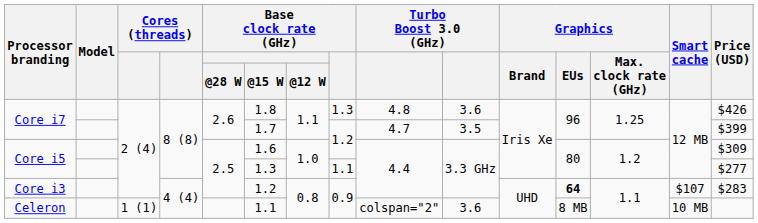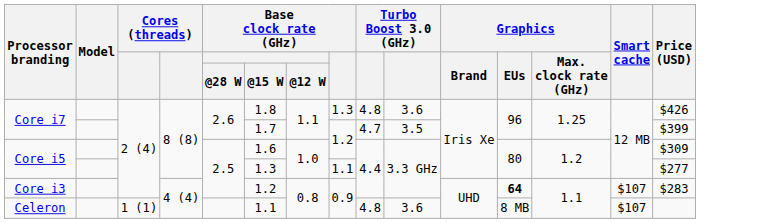 <table class="wikitable sortable" style="text-align:center;">
 <tr>
 <th rowspan="3">Processor <br>branding</th>
 <th rowspan="3">Model</th>
 <th colspan="2"><a href='#'>Cores</a> <br>(<a href='#'>threads</a>)</th>
 <th colspan="4">Base <br><a href='#'>clock rate</a> <br> (GHz)</th>
 <th colspan="2"><a href='#'>Turbo<br>Boost</a> 3.0 <br> (GHz)</th>
 <th colspan="3"><a href='#'>Graphics</a></th>
 <th rowspan="3"><a href='#'>Smart <br>cache</a></th>
 <th rowspan="3">Price <br>(USD)</th>
 </tr>
 <tr>
 <th rowspan="2"></th>
 <th rowspan="2"></th>
 <th colspan="3"></th>
 <th rowspan="2"></th>
 <th rowspan="2"></th>
 <th rowspan="2"></th>
 <th rowspan="2">Brand</th>
 <th rowspan="2">EUs</th>
 <th rowspan="2">Max. <br>clock rate <br> (GHz)</th>
 </tr>
 <tr>
 <th>@28 W</th>
 <th>@15 W</th>
 <th>@12 W</th>
 </tr>
 <tr>
 <td rowspan="2"><a href='#'>Core i7</a></td>
 <td></td>
 <td rowspan="5">2 (4)</td>
 <td rowspan="4">8 (8)</td>
 <td rowspan="2">2.6</td>
 <td>1.8</td>
 <td rowspan="2">1.1</td>
 <td>1.3</td>
 <td>4.8</td>
 <td>3.6</td>
 <td rowspan="4">Iris Xe</td>
 <td rowspan="2">96</td>
 <td rowspan="2">1.25</td>
 <td rowspan="4">12 MB</td>
 <td>$426</td>
 </tr>
 <tr>
 <td></td>
 <td>1.7</td>
 <td rowspan="2">1.2</td>
 <td>4.7</td>
 <td>3.5</td>
 <td>$399</td>
 </tr>
 <tr>
 <td rowspan="2"><a href='#'>Core i5</a></td>
 <td></td>
 <td rowspan="3">2.5</td>
 <td>1.6</td>
 <td rowspan="2">1.0</td>
 <td rowspan="3">4.4</td>
 <td rowspan="3">3.3 GHz</td>
 <td rowspan="2">80</td>
 <td rowspan="2">1.2</td>
 <td>$309</td>
 </tr>
 <tr>
 <td></td>
 <td>1.3</td>
 <td>1.1</td>
 <td>$277</td>
 </tr>
 <tr>
 <td><a href='#'>Core i3</a></td>
 <td></td>
 <td rowspan="2">4 (4)</td>
 <td>1.2</td>
 <td rowspan="2">0.8</td>
 <td rowspan="2">0.9</td>
 <td rowspan="2">UHD</td>
 <td><strong>64</strong></td>
 <td rowspan="2">1.1</td>
 <td>$107</td>
 <td>$283</td>
 </tr>
 <tr>
 <td><a href='#'>Celeron</a></td>
 <td></td>
 <td>1 (1)</td>
 <td></td>
 <td>1.1</td>
-<td>colspan="2" </td>
+<td>4.8</td>
 <td>3.6</td>
 <td>8 MB</td>
-<td>10 MB</td>
+<td>$107</td>
 </tr>
 </table>
